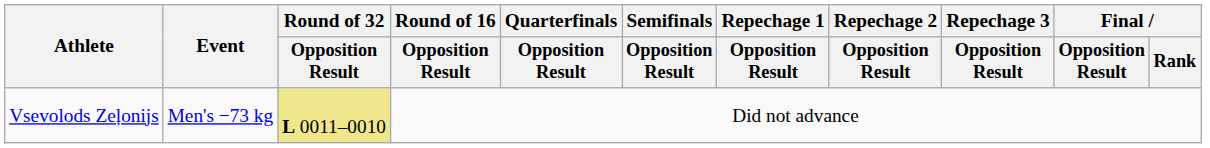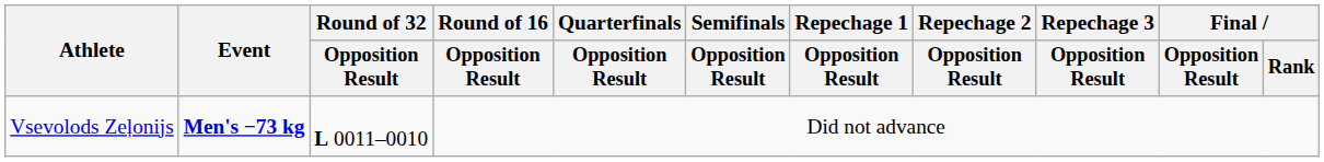 <table class="wikitable" style="font-size:90%">
 <tr>
 <th rowspan="2">Athlete</th>
 <th rowspan="2">Event</th>
 <th>Round of 32</th>
 <th>Round of 16</th>
 <th>Quarterfinals</th>
 <th>Semifinals</th>
 <th>Repechage 1</th>
 <th>Repechage 2</th>
 <th>Repechage 3</th>
 <th colspan=2>Final / </th>
 </tr>
 <tr style="font-size:95%">
 <th>Opposition<br>Result</th>
 <th>Opposition<br>Result</th>
 <th>Opposition<br>Result</th>
 <th>Opposition<br>Result</th>
 <th>Opposition<br>Result</th>
 <th>Opposition<br>Result</th>
 <th>Opposition<br>Result</th>
 <th>Opposition<br>Result</th>
 <th>Rank</th>
 </tr>
 <tr align=center>
 <td align=left><a href='#'>Vsevolods Zeļonijs</a></td>
-<td align=left><a href='#'>Men's −73 kg</a></td>
-<td style="background: khaki;"><br><strong>L</strong> 0011–0010</td>
+<td align=left><strong><a href='#'>Men's −73 kg</a></strong></td>
+<td><br><strong>L</strong> 0011–0010</td>
 <td colspan=8>Did not advance</td>
 </tr>
 </table>
